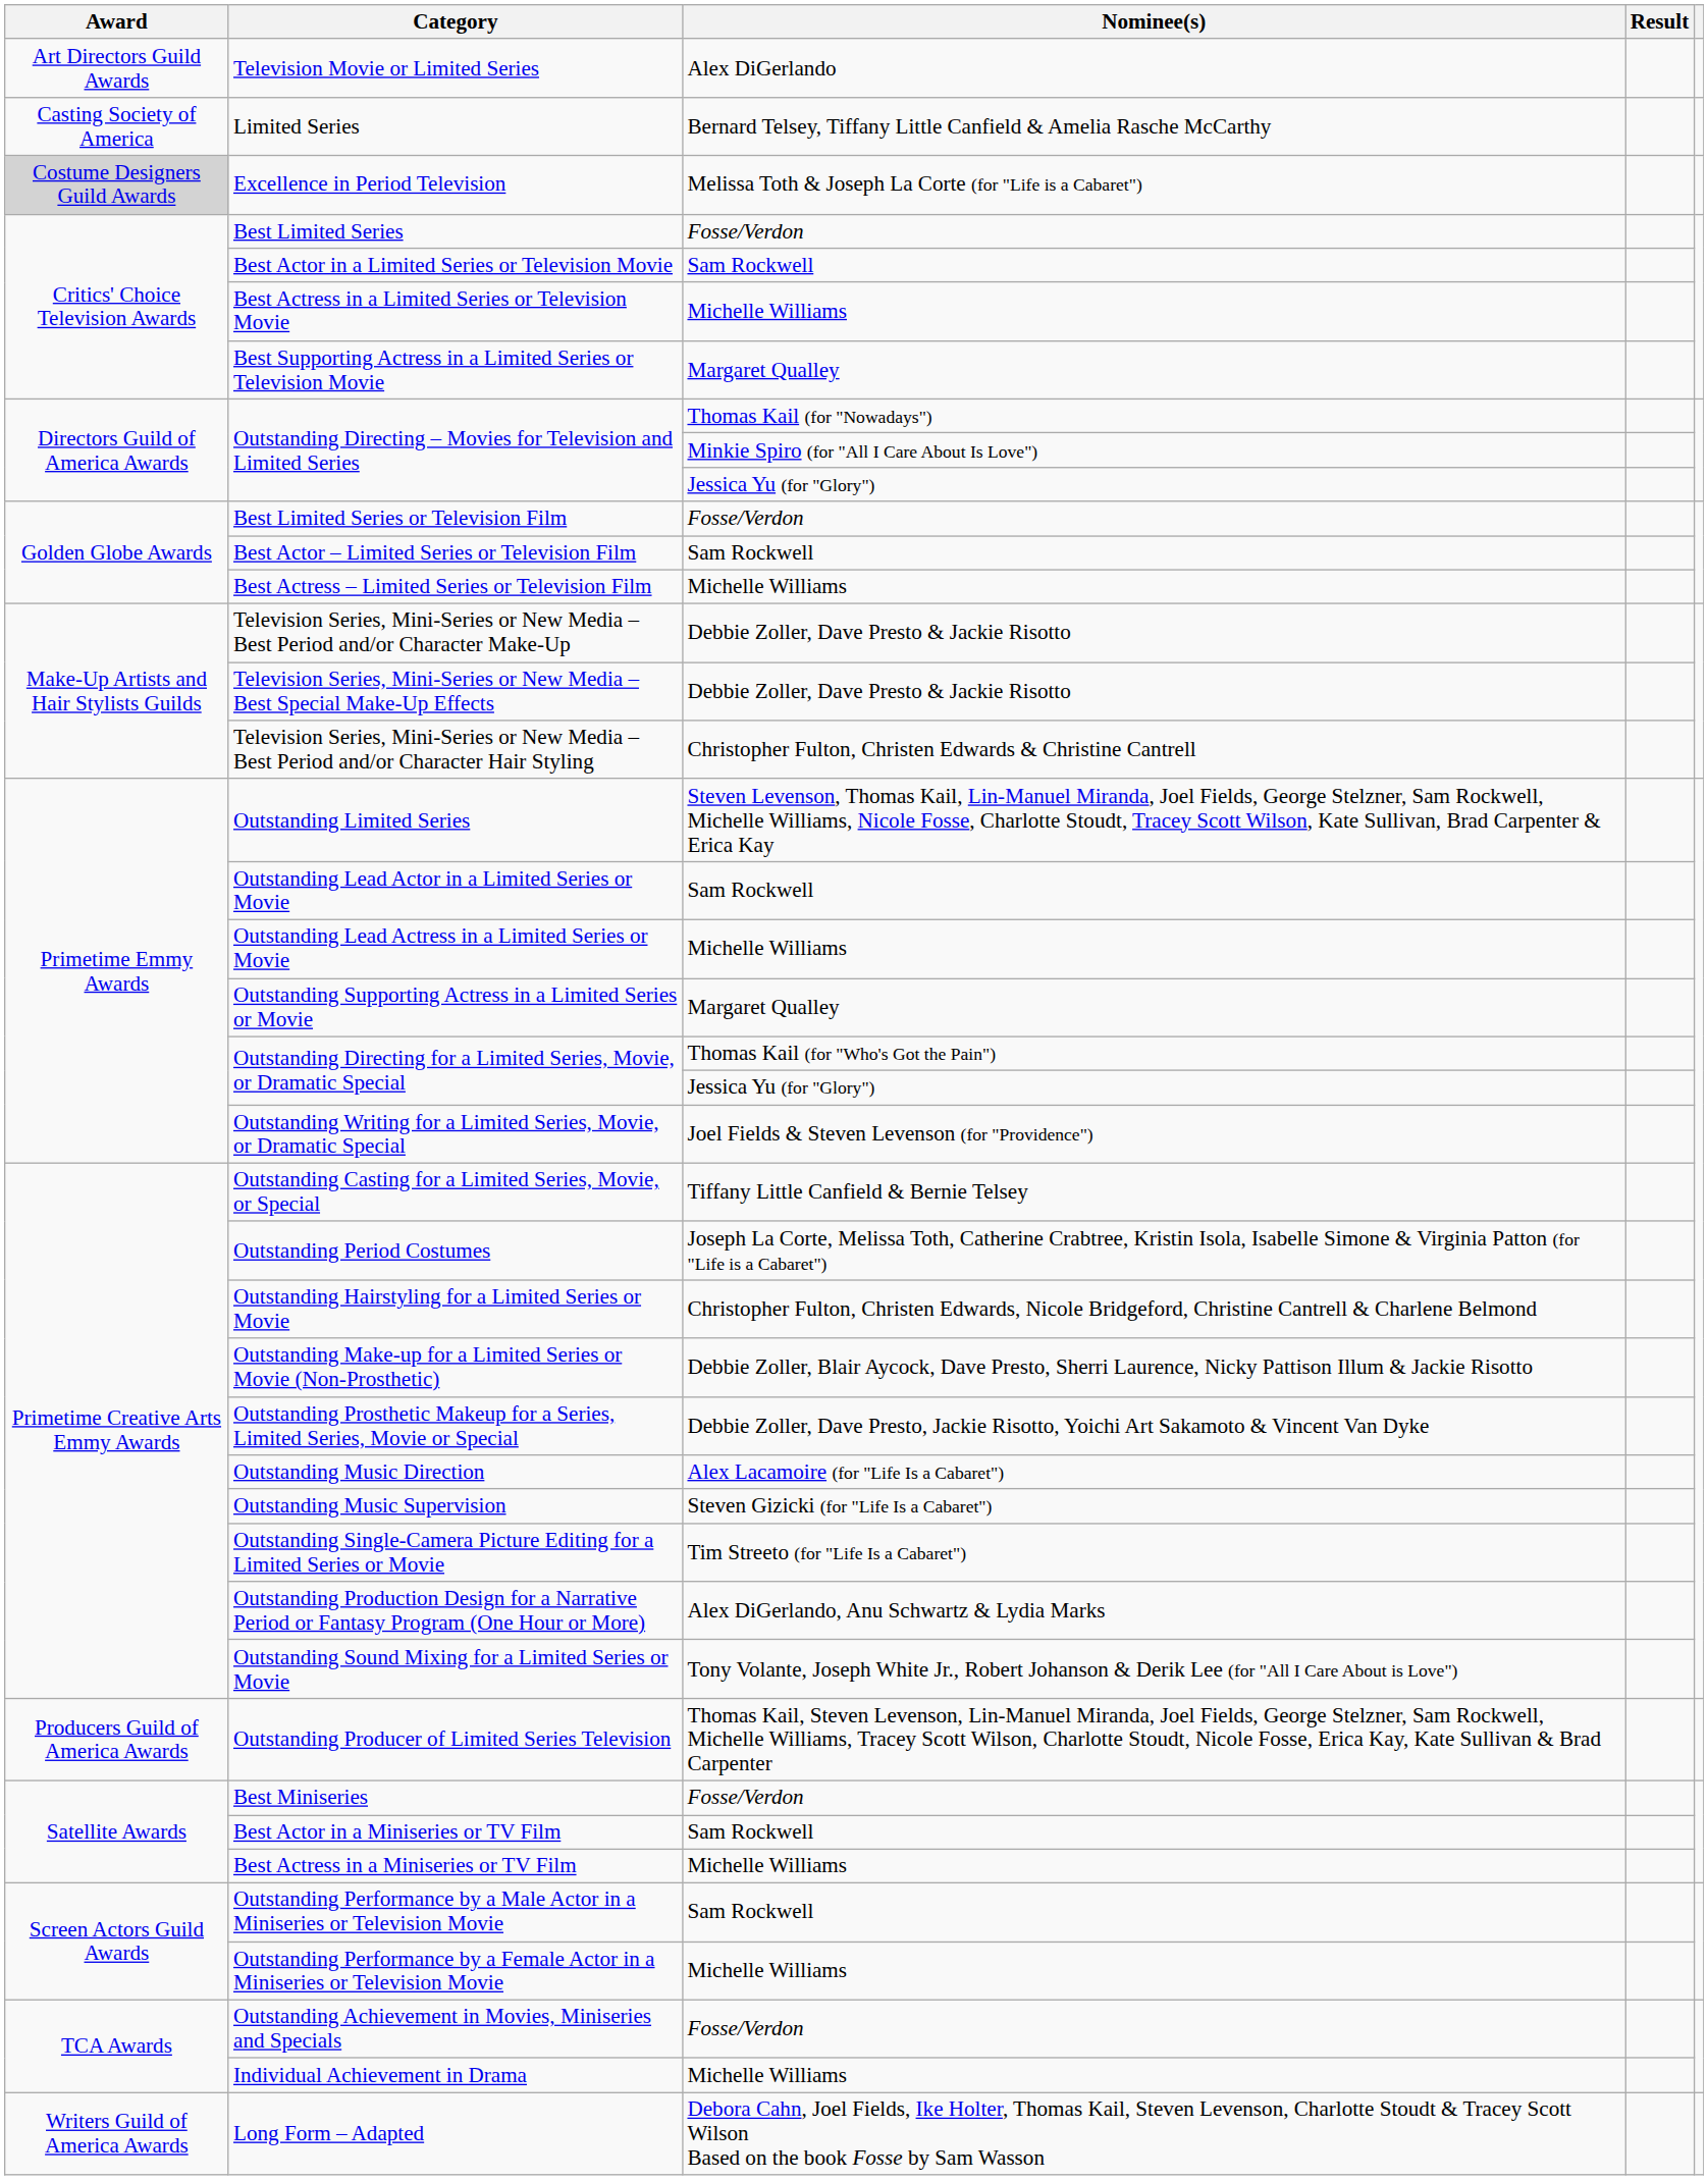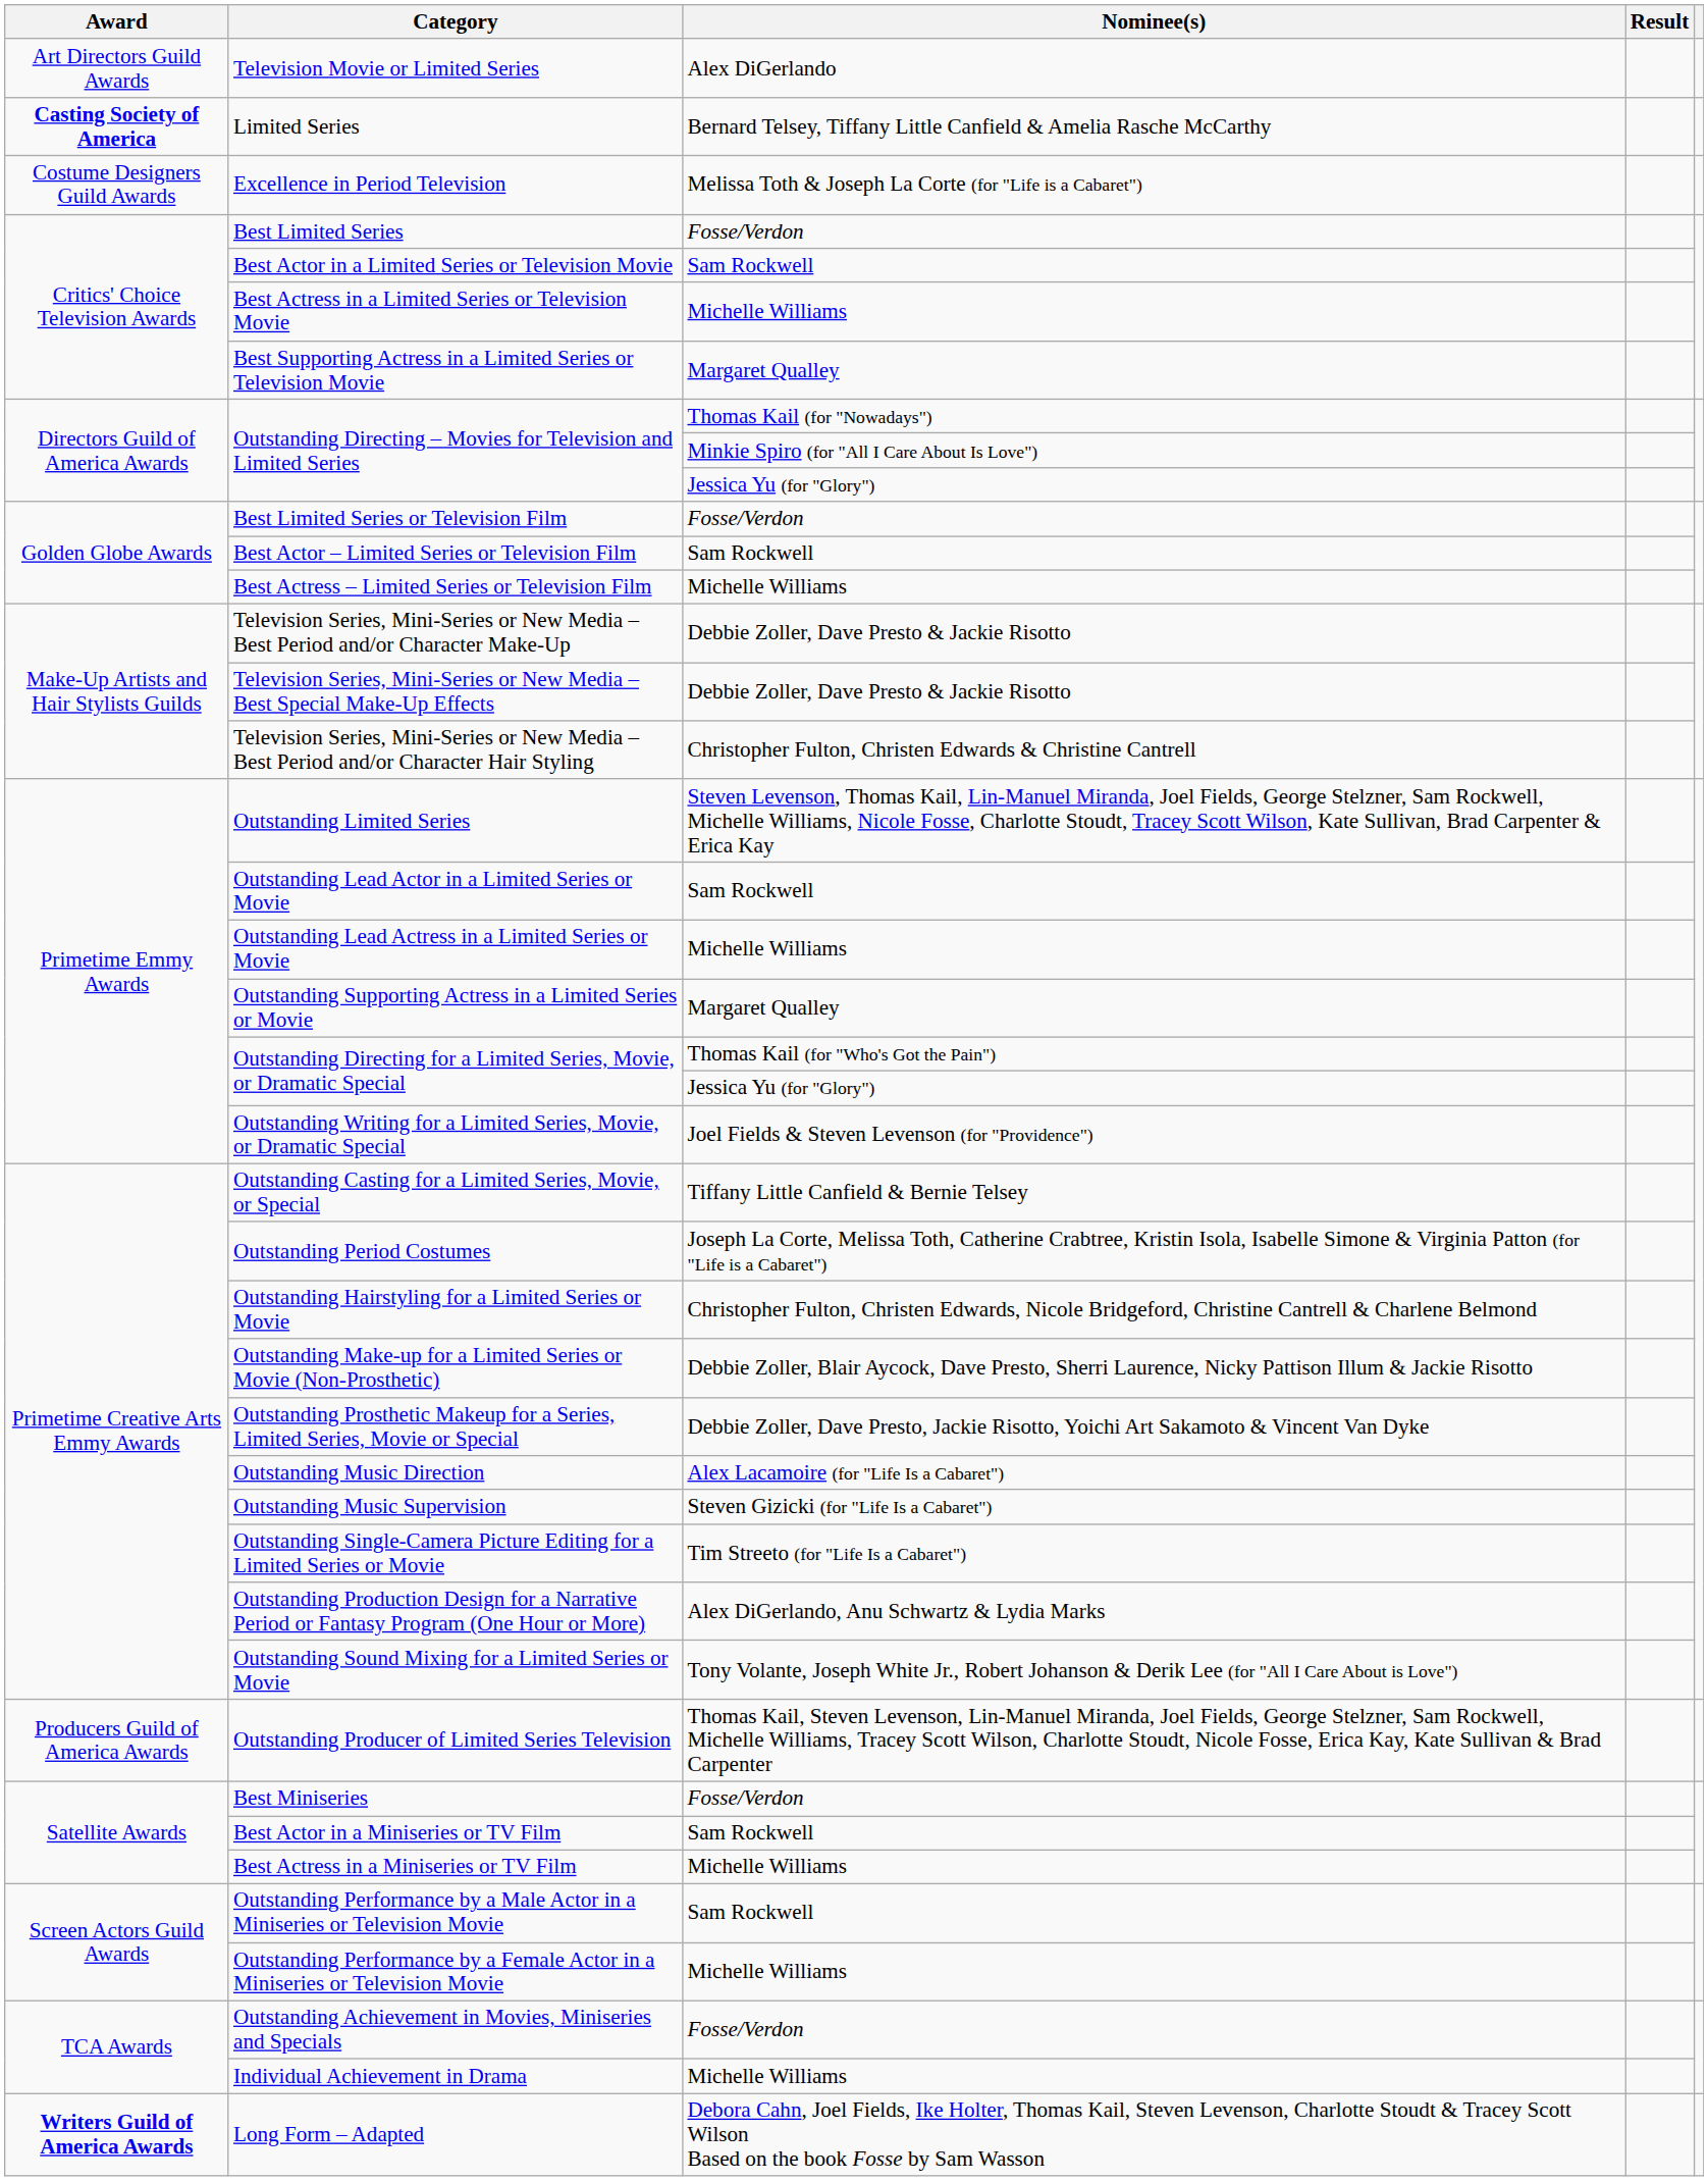 <table class="wikitable sortable" style="width:100%">
 <tr>
 <th scope="col">Award</th>
 <th scope="col">Category</th>
 <th scope="col">Nominee(s)</th>
 <th scope="col">Result</th>
 <th scope="col" class="unsortable"></th>
 </tr>
 <tr>
 <td align="center"><a href='#'>Art Directors Guild Awards</a></td>
 <td><a href='#'>Television Movie or Limited Series</a></td>
 <td>Alex DiGerlando</td>
 <td></td>
 <td align="center"></td>
 </tr>
 <tr>
-<td align="center"><a href='#'>Casting Society of America</a></td>
+<td align="center"><strong><a href='#'>Casting Society of America</a></strong></td>
 <td>Limited Series</td>
 <td>Bernard Telsey, Tiffany Little Canfield & Amelia Rasche McCarthy</td>
 <td></td>
 <td align="center"></td>
 </tr>
 <tr>
-<td align="center" style="background: lightgrey;"><a href='#'>Costume Designers Guild Awards</a></td>
+<td align="center"><a href='#'>Costume Designers Guild Awards</a></td>
 <td><a href='#'>Excellence in Period Television</a></td>
 <td>Melissa Toth & Joseph La Corte <small>(for "Life is a Cabaret")</small></td>
 <td></td>
 <td align="center"></td>
 </tr>
 <tr>
 <td align="center" rowspan="4"><a href='#'>Critics' Choice Television Awards</a></td>
 <td><a href='#'>Best Limited Series</a></td>
 <td><em>Fosse/Verdon</em></td>
 <td></td>
 <td align="center" rowspan="4"></td>
 </tr>
 <tr>
 <td><a href='#'>Best Actor in a Limited Series or Television Movie</a></td>
 <td><a href='#'>Sam Rockwell</a></td>
 <td></td>
 </tr>
 <tr>
 <td><a href='#'>Best Actress in a Limited Series or Television Movie</a></td>
 <td><a href='#'>Michelle Williams</a></td>
 <td></td>
 </tr>
 <tr>
 <td><a href='#'>Best Supporting Actress in a Limited Series or Television Movie</a></td>
 <td><a href='#'>Margaret Qualley</a></td>
 <td></td>
 </tr>
 <tr>
 <td align="center" rowspan="3"><a href='#'>Directors Guild of America Awards</a></td>
 <td rowspan="3"><a href='#'>Outstanding Directing – Movies for Television and Limited Series</a></td>
 <td><a href='#'>Thomas Kail</a> <small>(for "Nowadays")</small></td>
 <td></td>
 <td align="center" rowspan="3"></td>
 </tr>
 <tr>
 <td><a href='#'>Minkie Spiro</a> <small>(for "All I Care About Is Love")</small></td>
 <td></td>
 </tr>
 <tr>
 <td><a href='#'>Jessica Yu</a> <small>(for "Glory")</small></td>
 <td></td>
 </tr>
 <tr>
 <td align="center" rowspan="3"><a href='#'>Golden Globe Awards</a></td>
 <td><a href='#'>Best Limited Series or Television Film</a></td>
 <td><em>Fosse/Verdon</em></td>
 <td></td>
 <td align="center" rowspan="3"></td>
 </tr>
 <tr>
 <td><a href='#'>Best Actor – Limited Series or Television Film</a></td>
 <td>Sam Rockwell</td>
 <td></td>
 </tr>
 <tr>
 <td><a href='#'>Best Actress – Limited Series or Television Film</a></td>
 <td>Michelle Williams</td>
 <td></td>
 </tr>
 <tr>
 <td align="center" rowspan="3"><a href='#'>Make-Up Artists and Hair Stylists Guilds</a></td>
 <td>Television Series, Mini-Series or New Media – Best Period and/or Character Make-Up</td>
 <td>Debbie Zoller, Dave Presto & Jackie Risotto</td>
 <td></td>
 <td align="center" rowspan="3"></td>
 </tr>
 <tr>
 <td><a href='#'>Television Series, Mini-Series or New Media – Best Special Make-Up Effects</a></td>
 <td>Debbie Zoller, Dave Presto & Jackie Risotto</td>
 <td></td>
 </tr>
 <tr>
 <td>Television Series, Mini-Series or New Media – Best Period and/or Character Hair Styling</td>
 <td>Christopher Fulton, Christen Edwards & Christine Cantrell</td>
 <td></td>
 </tr>
 <tr>
 <td align="center" rowspan="7"><a href='#'>Primetime Emmy Awards</a></td>
 <td><a href='#'>Outstanding Limited Series</a></td>
 <td><a href='#'>Steven Levenson</a>, Thomas Kail, <a href='#'>Lin-Manuel Miranda</a>, Joel Fields, George Stelzner, Sam Rockwell, Michelle Williams, <a href='#'>Nicole Fosse</a>, Charlotte Stoudt, <a href='#'>Tracey Scott Wilson</a>, Kate Sullivan, Brad Carpenter & Erica Kay</td>
 <td></td>
 <td align="center" rowspan="17"></td>
 </tr>
 <tr>
 <td><a href='#'>Outstanding Lead Actor in a Limited Series or Movie</a></td>
 <td>Sam Rockwell</td>
 <td></td>
 </tr>
 <tr>
 <td><a href='#'>Outstanding Lead Actress in a Limited Series or Movie</a></td>
 <td>Michelle Williams</td>
 <td></td>
 </tr>
 <tr>
 <td><a href='#'>Outstanding Supporting Actress in a Limited Series or Movie</a></td>
 <td>Margaret Qualley</td>
 <td></td>
 </tr>
 <tr>
 <td rowspan="2"><a href='#'>Outstanding Directing for a Limited Series, Movie, or Dramatic Special</a></td>
 <td>Thomas Kail <small>(for "Who's Got the Pain")</small></td>
 <td></td>
 </tr>
 <tr>
 <td>Jessica Yu <small>(for "Glory")</small></td>
 <td></td>
 </tr>
 <tr>
 <td><a href='#'>Outstanding Writing for a Limited Series, Movie, or Dramatic Special</a></td>
 <td>Joel Fields & Steven Levenson <small>(for "Providence")</small></td>
 <td></td>
 </tr>
 <tr>
 <td align="center" rowspan="10"><a href='#'>Primetime Creative Arts Emmy Awards</a></td>
 <td><a href='#'>Outstanding Casting for a Limited Series, Movie, or Special</a></td>
 <td>Tiffany Little Canfield & Bernie Telsey</td>
 <td></td>
 </tr>
 <tr>
 <td><a href='#'>Outstanding Period Costumes</a></td>
 <td>Joseph La Corte, Melissa Toth, Catherine Crabtree, Kristin Isola, Isabelle Simone & Virginia Patton <small>(for "Life is a Cabaret")</small></td>
 <td></td>
 </tr>
 <tr>
 <td><a href='#'>Outstanding Hairstyling for a Limited Series or Movie</a></td>
 <td>Christopher Fulton, Christen Edwards, Nicole Bridgeford, Christine Cantrell & Charlene Belmond</td>
 <td></td>
 </tr>
 <tr>
 <td><a href='#'>Outstanding Make-up for a Limited Series or Movie (Non-Prosthetic)</a></td>
 <td>Debbie Zoller, Blair Aycock, Dave Presto, Sherri Laurence, Nicky Pattison Illum & Jackie Risotto</td>
 <td></td>
 </tr>
 <tr>
 <td><a href='#'>Outstanding Prosthetic Makeup for a Series, Limited Series, Movie or Special</a></td>
 <td>Debbie Zoller, Dave Presto, Jackie Risotto, Yoichi Art Sakamoto & Vincent Van Dyke</td>
 <td></td>
 </tr>
 <tr>
 <td><a href='#'>Outstanding Music Direction</a></td>
 <td><a href='#'>Alex Lacamoire</a> <small>(for "Life Is a Cabaret")</small></td>
 <td></td>
 </tr>
 <tr>
 <td><a href='#'>Outstanding Music Supervision</a></td>
 <td>Steven Gizicki <small>(for "Life Is a Cabaret")</small></td>
 <td></td>
 </tr>
 <tr>
 <td><a href='#'>Outstanding Single-Camera Picture Editing for a Limited Series or Movie</a></td>
 <td>Tim Streeto <small>(for "Life Is a Cabaret")</small></td>
 <td></td>
 </tr>
 <tr>
 <td><a href='#'>Outstanding Production Design for a Narrative Period or Fantasy Program (One Hour or More)</a></td>
 <td>Alex DiGerlando, Anu Schwartz & Lydia Marks</td>
 <td></td>
 </tr>
 <tr>
 <td><a href='#'>Outstanding Sound Mixing for a Limited Series or Movie</a></td>
 <td>Tony Volante, Joseph White Jr., Robert Johanson & Derik Lee <small>(for "All I Care About is Love")</small></td>
 <td></td>
 </tr>
 <tr>
 <td align="center"><a href='#'>Producers Guild of America Awards</a></td>
 <td><a href='#'>Outstanding Producer of Limited Series Television</a></td>
 <td>Thomas Kail, Steven Levenson, Lin-Manuel Miranda, Joel Fields, George Stelzner, Sam Rockwell, Michelle Williams, Tracey Scott Wilson, Charlotte Stoudt, Nicole Fosse, Erica Kay, Kate Sullivan &  Brad Carpenter</td>
 <td></td>
 <td align="center"></td>
 </tr>
 <tr>
 <td align="center" rowspan="3"><a href='#'>Satellite Awards</a></td>
 <td><a href='#'>Best Miniseries</a></td>
 <td><em>Fosse/Verdon</em></td>
 <td></td>
 <td align="center" rowspan="3"></td>
 </tr>
 <tr>
 <td><a href='#'>Best Actor in a Miniseries or TV Film</a></td>
 <td>Sam Rockwell</td>
 <td></td>
 </tr>
 <tr>
 <td><a href='#'>Best Actress in a Miniseries or TV Film</a></td>
 <td>Michelle Williams</td>
 <td></td>
 </tr>
 <tr>
 <td align="center" rowspan=2><a href='#'>Screen Actors Guild Awards</a></td>
 <td><a href='#'>Outstanding Performance by a Male Actor in a Miniseries or Television Movie</a></td>
 <td>Sam Rockwell</td>
 <td></td>
 <td align="center" rowspan=2></td>
 </tr>
 <tr>
 <td><a href='#'>Outstanding Performance by a Female Actor in a Miniseries or Television Movie</a></td>
 <td>Michelle Williams</td>
 <td></td>
 </tr>
 <tr>
 <td align="center" rowspan="2"><a href='#'>TCA Awards</a></td>
 <td><a href='#'>Outstanding Achievement in Movies, Miniseries and Specials</a></td>
 <td><em>Fosse/Verdon</em></td>
 <td></td>
 <td align="center" rowspan="2"></td>
 </tr>
 <tr>
 <td><a href='#'>Individual Achievement in Drama</a></td>
 <td>Michelle Williams</td>
 <td></td>
 </tr>
 <tr>
-<td align="center"><a href='#'>Writers Guild of America Awards</a></td>
+<td align="center"><strong><a href='#'>Writers Guild of America Awards</a></strong></td>
 <td><a href='#'>Long Form – Adapted</a></td>
 <td><a href='#'>Debora Cahn</a>, Joel Fields, <a href='#'>Ike Holter</a>, Thomas Kail, Steven Levenson, Charlotte Stoudt & Tracey Scott Wilson<br>Based on the book <em>Fosse</em> by Sam Wasson</td>
 <td></td>
 <td align="center"></td>
 </tr>
 </table>
